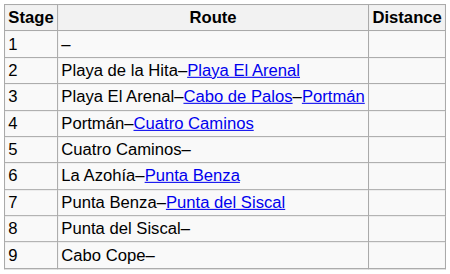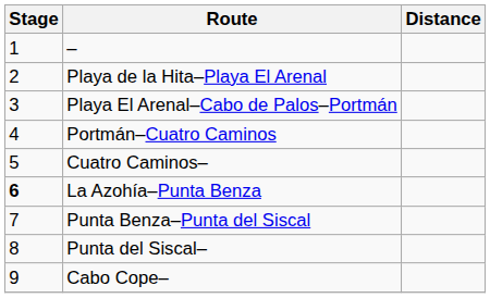 <table class="wikitable sortable">
 <tr>
 <th>Stage</th>
 <th>Route</th>
 <th>Distance</th>
 </tr>
 <tr>
 <td>1</td>
 <td>–</td>
 <td></td>
 </tr>
 <tr>
 <td>2</td>
 <td>Playa de la Hita–<a href='#'>Playa El Arenal</a></td>
 <td></td>
 </tr>
 <tr>
 <td>3</td>
 <td>Playa El Arenal–<a href='#'>Cabo de Palos</a>–<a href='#'>Portmán</a></td>
 <td></td>
 </tr>
 <tr>
 <td>4</td>
 <td>Portmán–<a href='#'>Cuatro Caminos</a></td>
 <td></td>
 </tr>
 <tr>
 <td>5</td>
 <td>Cuatro Caminos–</td>
 <td></td>
 </tr>
 <tr>
-<td>6</td>
+<td><strong>6</strong></td>
 <td>La Azohía–<a href='#'>Punta Benza</a></td>
 <td></td>
 </tr>
 <tr>
 <td>7</td>
 <td>Punta Benza–<a href='#'>Punta del Siscal</a></td>
 <td></td>
 </tr>
 <tr>
 <td>8</td>
 <td>Punta del Siscal–</td>
 <td></td>
 </tr>
 <tr>
 <td>9</td>
 <td>Cabo Cope–</td>
 <td></td>
 </tr>
 <tr>
 </tr>
 </table>
